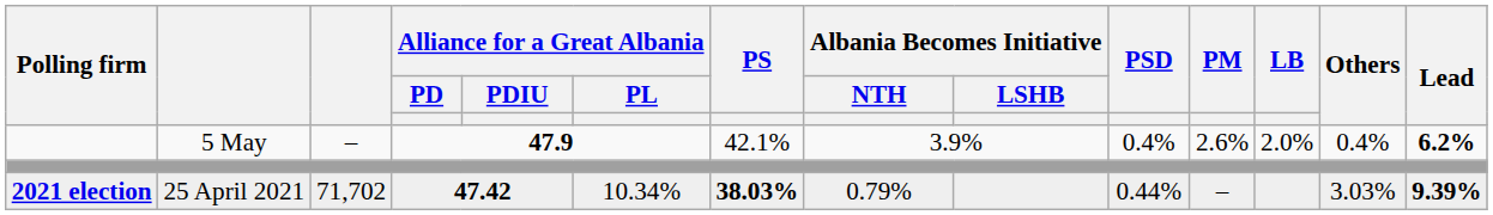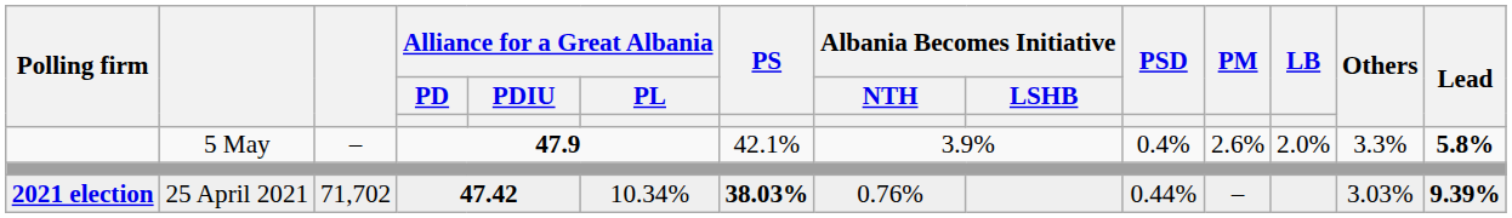 <table class="wikitable sortable tpl-blanktablele" style="text-align:center;font-size:90%;line-height:14px;">
 <tr style="height:40px;">
 <th rowspan="3">Polling firm</th>
 <th rowspan="3"></th>
 <th rowspan="3"></th>
 <th colspan=3><a href='#'>Alliance for a Great Albania</a></th>
 <th class="unsortable" style="width:40px;" rowspan=2><a href='#'>PS</a></th>
 <th colspan=2>Albania Becomes Initiative</th>
 <th class="unsortable" style="width:40px;" rowspan=2><a href='#'>PSD</a></th>
 <th class="unsortable" style="width:30px;"  rowspan=2><a href='#'>PM</a></th>
 <th class="unsortable" style="width:30px;"  rowspan=2><a href='#'>LB</a></th>
 <th class="unsortable" style="width:30px;"  rowspan=3>Others</th>
 <th style="width:30px;" rowspan=3><br>Lead</th>
 </tr>
 <tr>
 <th><a href='#'>PD</a></th>
 <th><a href='#'>PDIU</a></th>
 <th><a href='#'>PL</a></th>
 <th><a href='#'>NTH</a></th>
 <th><a href='#'>LSHB</a></th>
 </tr>
 <tr>
 <th style="background:"></th>
 <th style="background:"></th>
 <th style="background:"></th>
 <th style="background:"></th>
 <th style="background:"></th>
 <th style="background:"></th>
 <th style="background:"></th>
 <th style="background:"></th>
 <th style="background:"></th>
 </tr>
 <tr>
 <td></td>
 <td>5 May</td>
 <td>–</td>
 <td colspan="3"; ><strong>47.9</strong><br> </td>
 <td>42.1%<br></td>
 <td colspan="2">3.9%<br></td>
 <td>0.4%<br></td>
 <td>2.6%<br></td>
 <td>2.0%<br></td>
-<td>0.4%</td>
-<td style="background:"><strong>6.2%</strong></td>
+<td>3.3%</td>
+<td style="background:"><strong>5.8%</strong></td>
 </tr>
 <tr>
 <td colspan="15" style="background:#A0A0A0"></td>
 </tr>
 <tr style="background:#EFEFEF">
 <td><strong><a href='#'>2021 election</a></strong></td>
 <td>25 April 2021</td>
 <td>71,702</td>
 <td colspan="2"; ><strong>47.42</strong><br> </td>
 <td>10.34%<br></td>
 <td><strong>38.03%<br></strong></td>
-<td>0.79%<br></td>
+<td>0.76%<br></td>
 <td></td>
 <td>0.44%<br></td>
 <td>–</td>
 <td></td>
 <td>3.03%</td>
 <td style="background:"><strong>9.39%</strong></td>
 </tr>
 </table>
